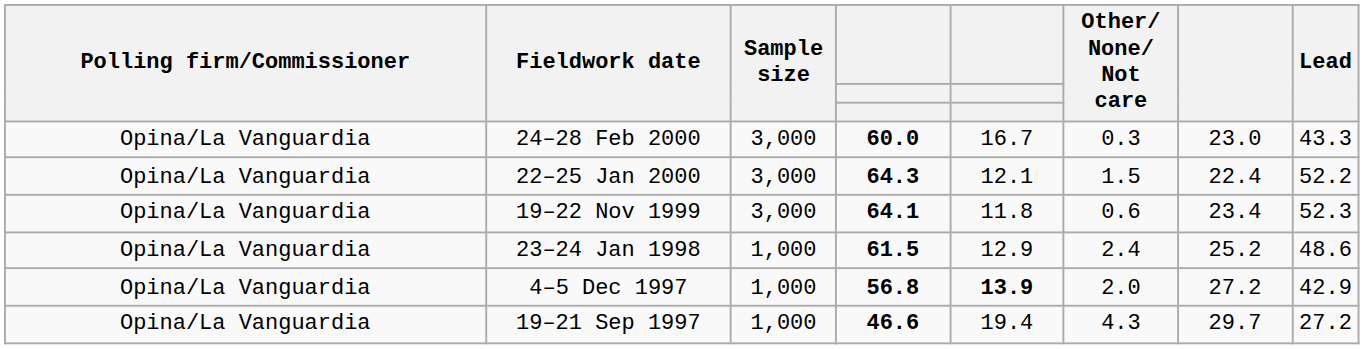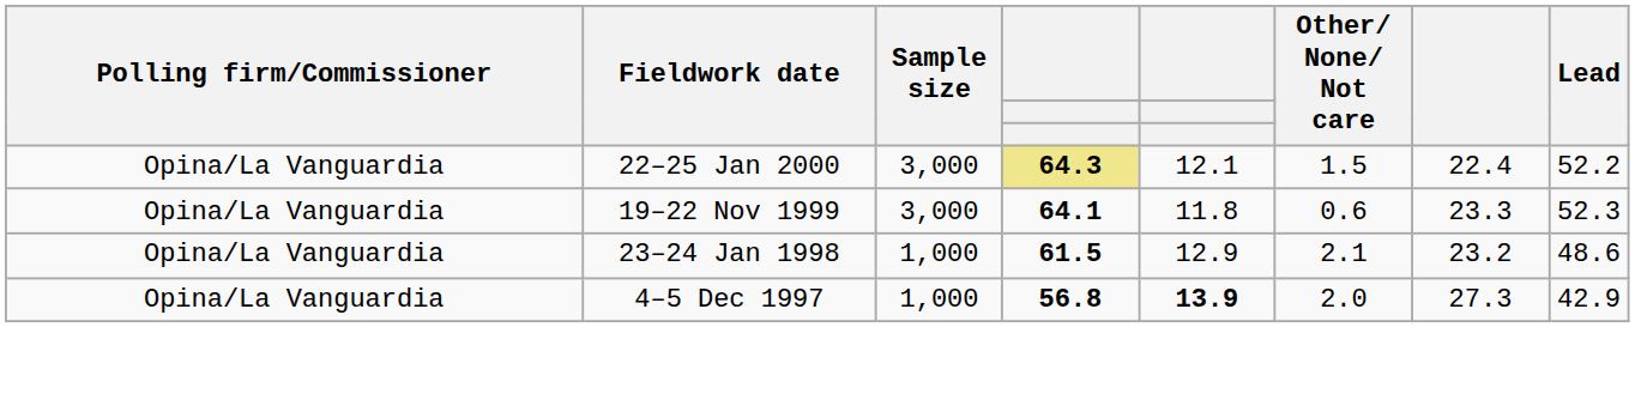 <table class="wikitable collapsible" style="text-align:center; font-size:90%; line-height:14px;">
 <tr style="height:42px; background-color:#E9E9E9">
 <th style="width:250px;" rowspan="3">Polling firm/Commissioner</th>
 <th style="width:125px;" rowspan="3">Fieldwork date</th>
 <th style="width:50px;" rowspan="3">Sample size</th>
 <th style="width:55px;"></th>
 <th style="width:55px;"></th>
 <th style="width:55px;" rowspan="3">Other/<br>None/<br>Not<br>care</th>
 <th style="width:55px;" rowspan="3"></th>
 <th style="width:30px;" rowspan="3">Lead</th>
 </tr>
 <tr>
 <th style="color:inherit;background:"></th>
 <th style="color:inherit;background:"></th>
 </tr>
 <tr>
 <th></th>
 <th></th>
 </tr>
 <tr>
 <td>Opina/La Vanguardia</td>
-<td>24–28 Feb 2000</td>
-<td>3,000</td>
-<td><strong>60.0</strong></td>
-<td>16.7</td>
-<td>0.3</td>
-<td>23.0</td>
-<td style="background:">43.3</td>
-</tr>
-<tr>
-<td>Opina/La Vanguardia</td>
 <td>22–25 Jan 2000</td>
 <td>3,000</td>
-<td><strong>64.3</strong></td>
+<td style="background: khaki;"><strong>64.3</strong></td>
 <td>12.1</td>
 <td>1.5</td>
 <td>22.4</td>
 <td style="background:">52.2</td>
 </tr>
 <tr>
 <td>Opina/La Vanguardia</td>
 <td>19–22 Nov 1999</td>
 <td>3,000</td>
 <td><strong>64.1</strong></td>
 <td>11.8</td>
 <td>0.6</td>
-<td>23.4</td>
+<td>23.3</td>
 <td style="background:">52.3</td>
 </tr>
 <tr>
 <td>Opina/La Vanguardia</td>
 <td>23–24 Jan 1998</td>
 <td>1,000</td>
 <td><strong>61.5</strong></td>
 <td>12.9</td>
-<td>2.4</td>
-<td>25.2</td>
+<td>2.1</td>
+<td>23.2</td>
 <td style="background:">48.6</td>
 </tr>
 <tr>
 <td>Opina/La Vanguardia</td>
 <td>4–5 Dec 1997</td>
 <td>1,000</td>
 <td><strong>56.8</strong></td>
 <td><strong>13.9</strong></td>
 <td>2.0</td>
-<td>27.2</td>
+<td>27.3</td>
 <td style="background:">42.9</td>
 </tr>
-<tr>
-<td>Opina/La Vanguardia</td>
-<td>19–21 Sep 1997</td>
-<td>1,000</td>
-<td><strong>46.6</strong></td>
-<td>19.4</td>
-<td>4.3</td>
-<td>29.7</td>
-<td style="background:">27.2</td>
-</tr>
 </table>
